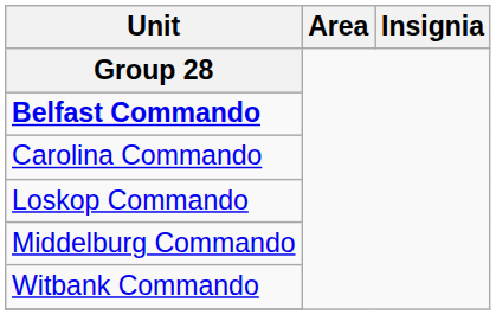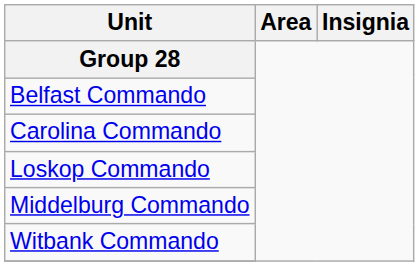 <table class="wikitable">
 <tr>
 <th>Unit</th>
 <th>Area</th>
 <th>Insignia</th>
 </tr>
 <tr>
 <th>Group 28</th>
 </tr>
 <tr>
-<td><strong><a href='#'>Belfast Commando</a></strong></td>
+<td><a href='#'>Belfast Commando</a></td>
 </tr>
 <tr>
 <td><a href='#'>Carolina Commando</a></td>
 </tr>
 <tr>
 <td><a href='#'>Loskop Commando</a></td>
 </tr>
 <tr>
 <td><a href='#'>Middelburg Commando</a></td>
 </tr>
 <tr>
 <td><a href='#'>Witbank Commando</a></td>
 </tr>
 <tr>
 </tr>
 </table>
